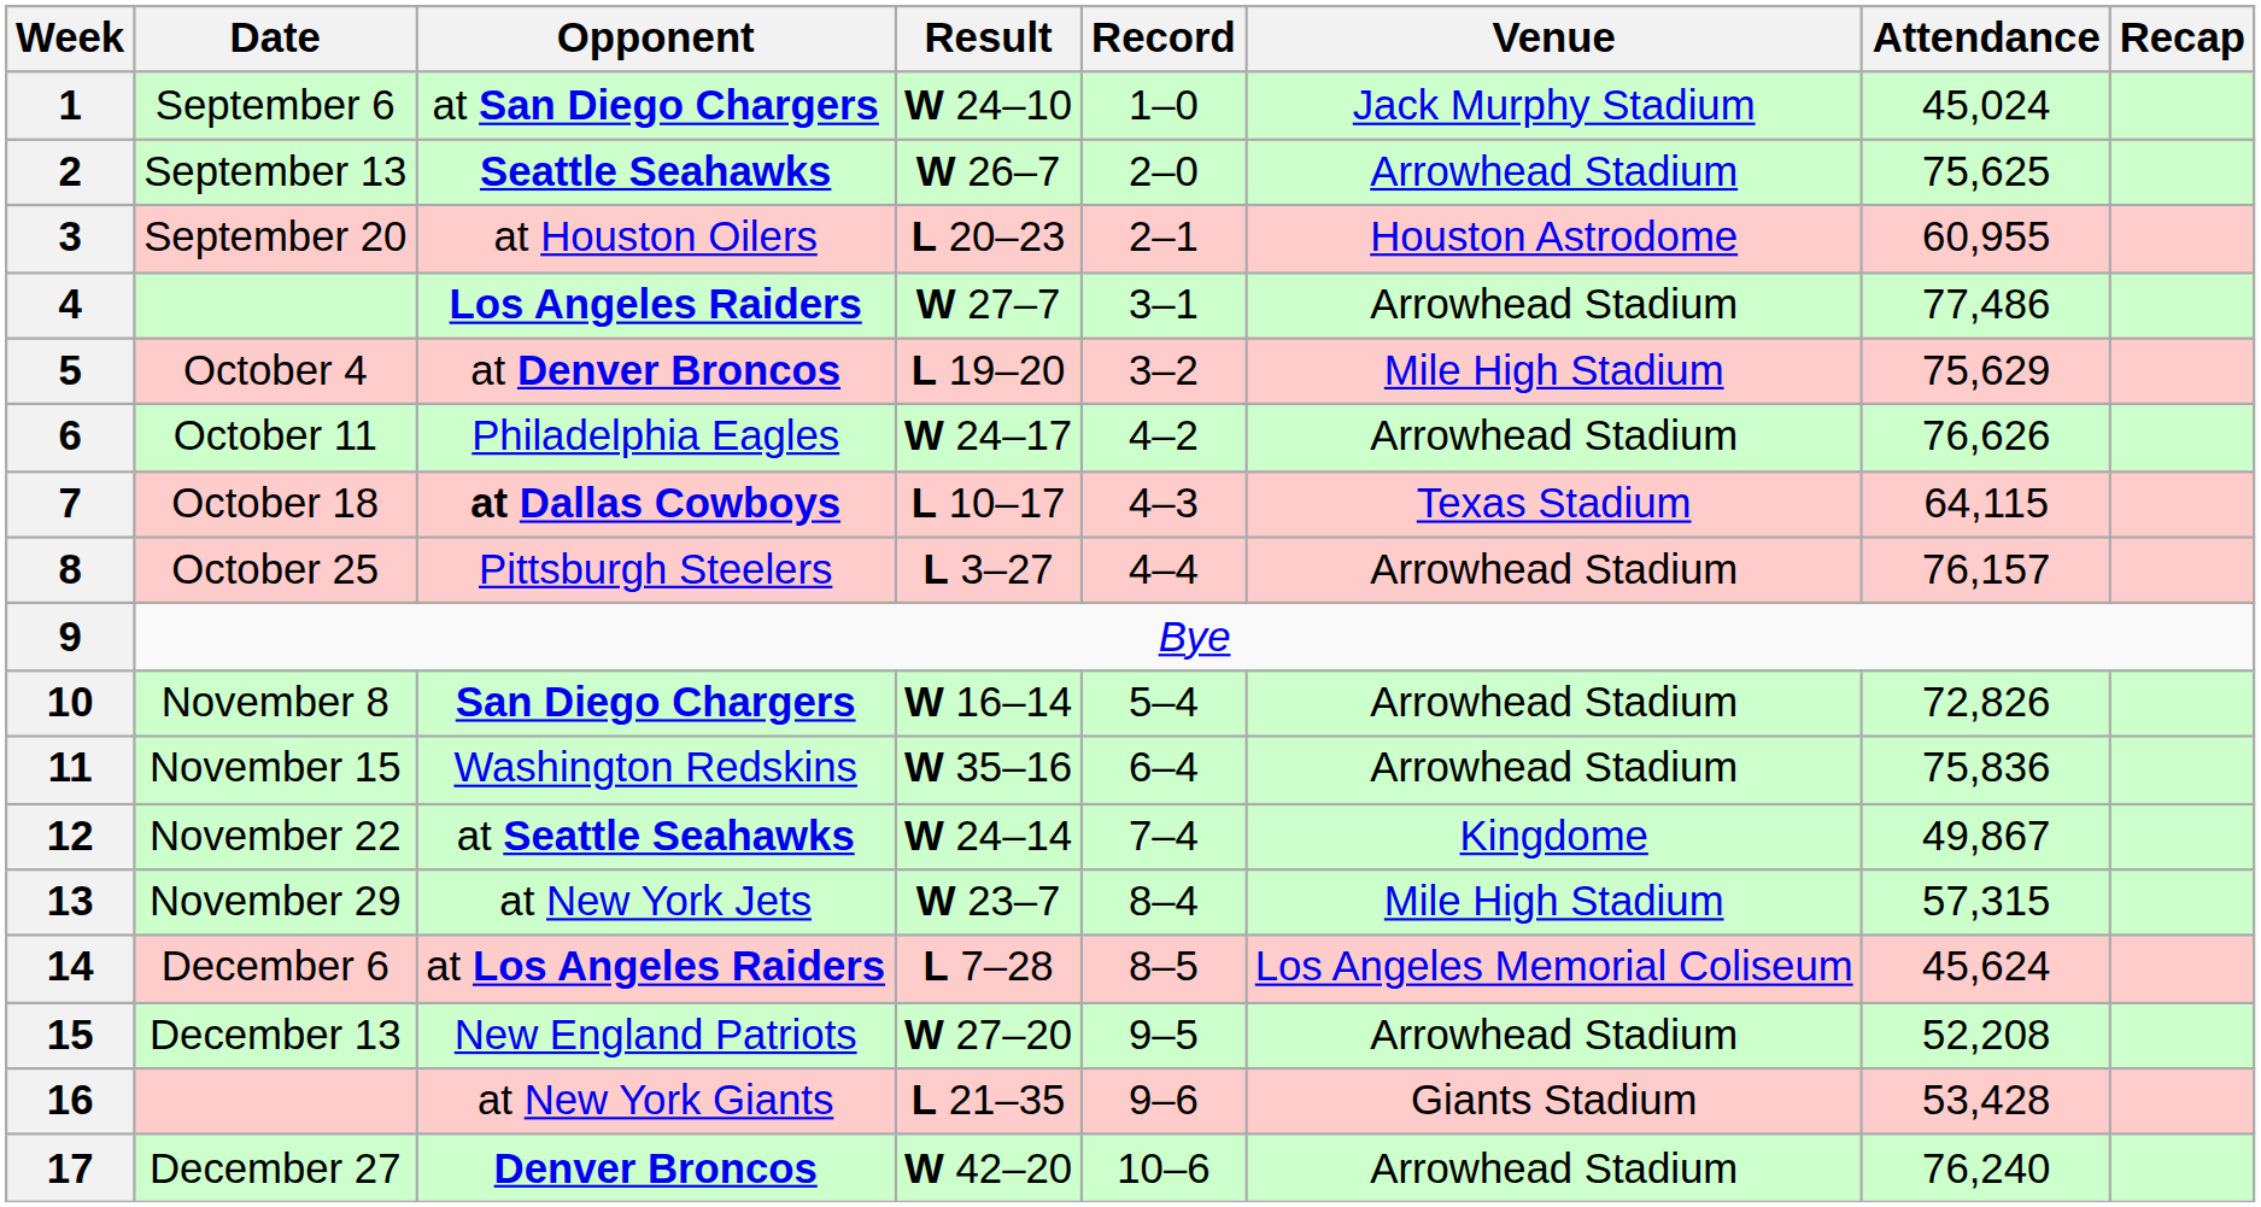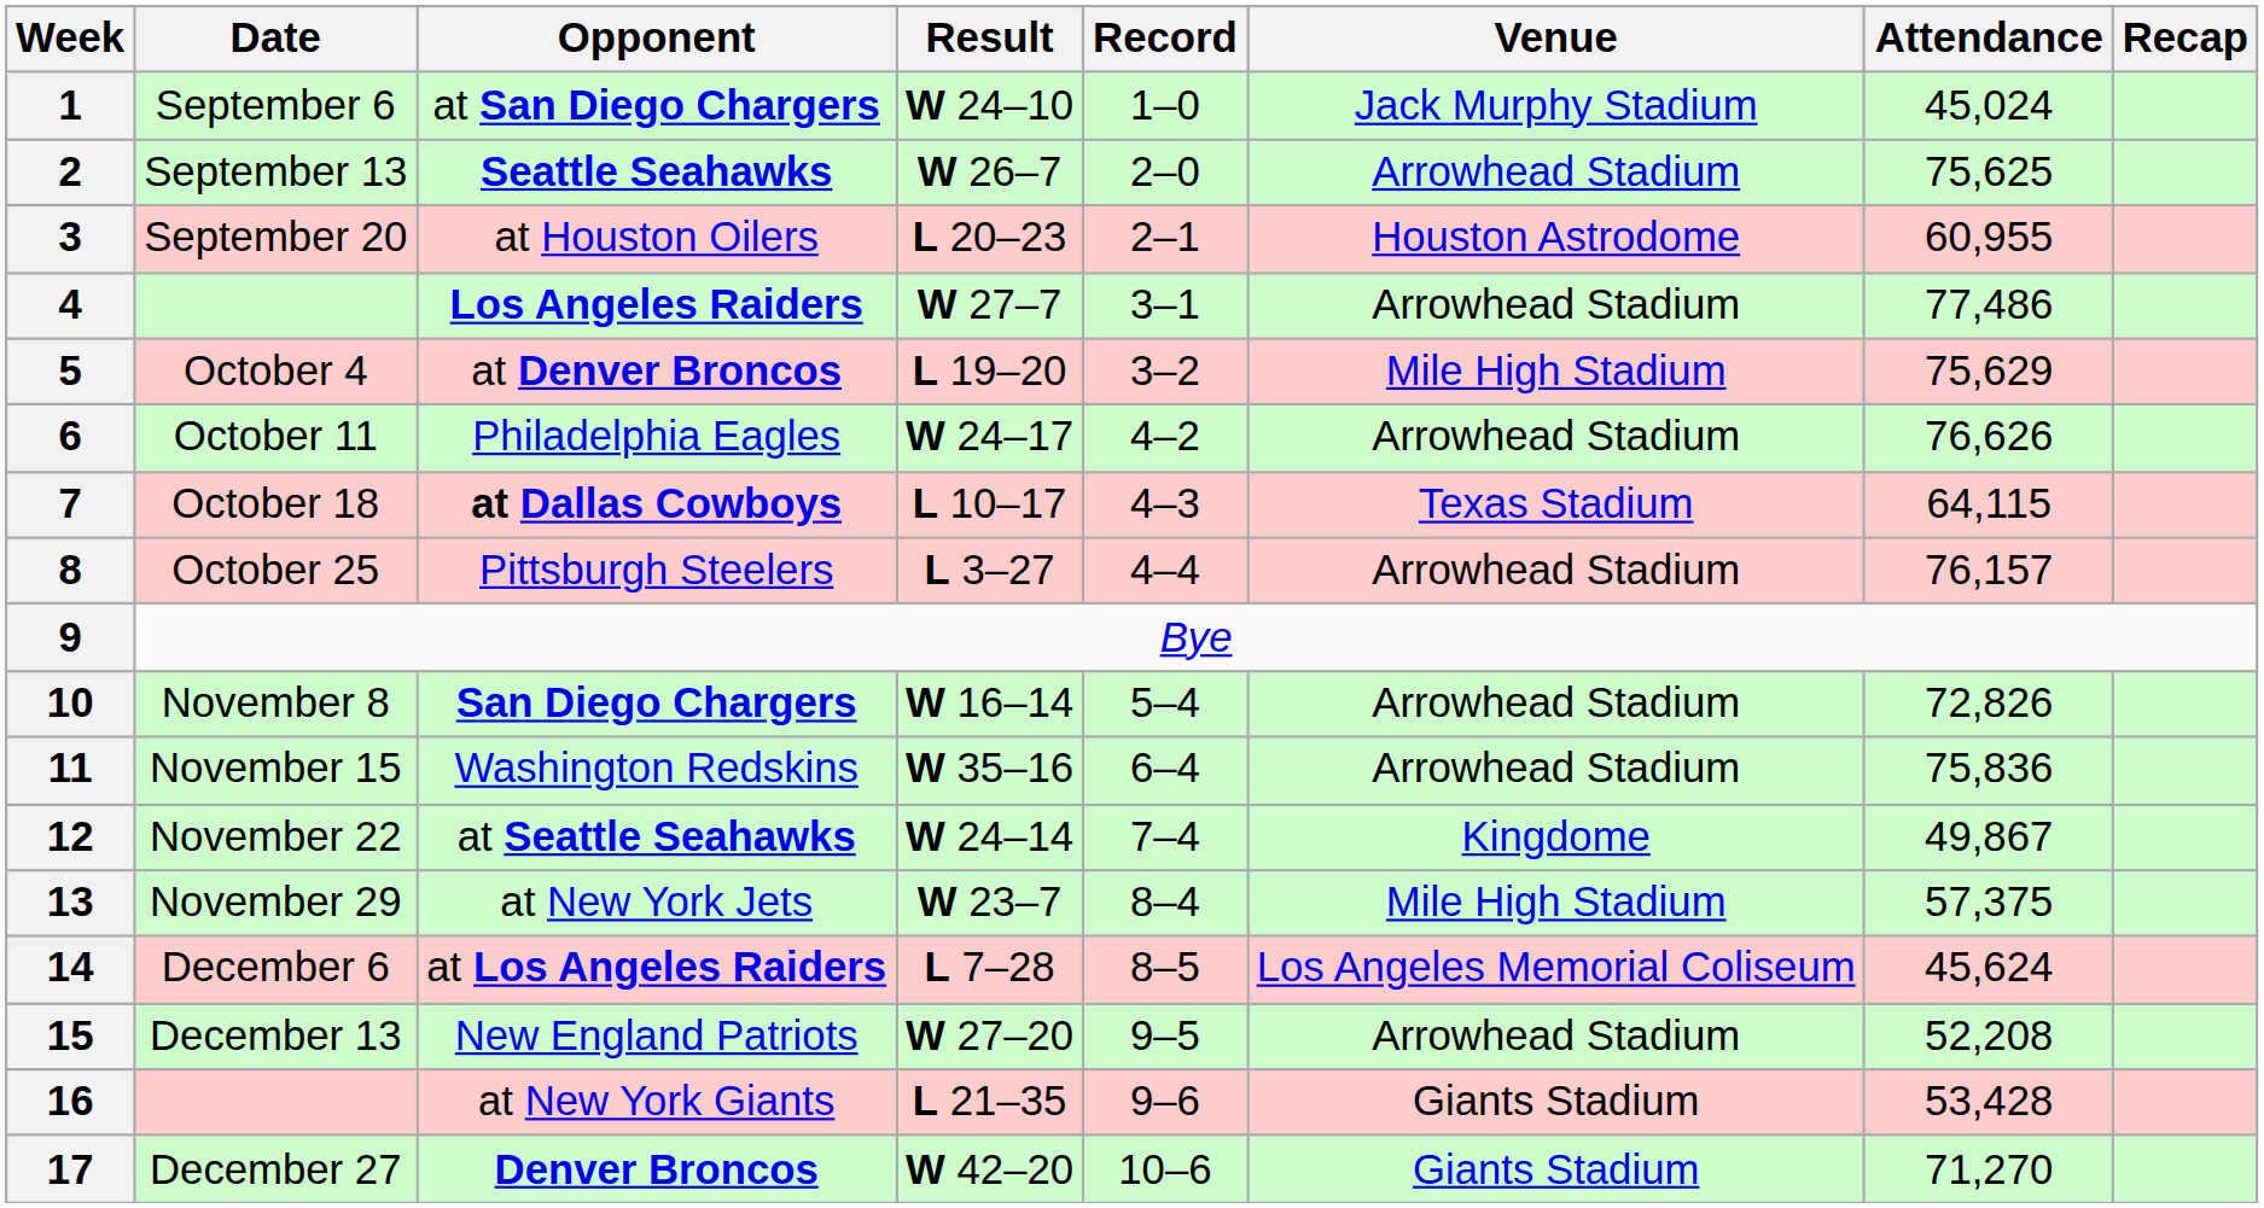 <table class="wikitable" style="text-align:center">
 <tr>
 <th>Week</th>
 <th>Date</th>
 <th>Opponent</th>
 <th>Result</th>
 <th>Record</th>
 <th>Venue</th>
 <th>Attendance</th>
 <th>Recap</th>
 </tr>
 <tr style="background:#cfc">
 <th>1</th>
 <td>September 6</td>
 <td>at <strong><a href='#'>San Diego Chargers</a></strong></td>
 <td><strong>W</strong> 24–10</td>
 <td>1–0</td>
 <td><a href='#'>Jack Murphy Stadium</a></td>
 <td>45,024</td>
 <td></td>
 </tr>
 <tr style="background:#cfc">
 <th>2</th>
 <td>September 13</td>
 <td><strong><a href='#'>Seattle Seahawks</a></strong></td>
 <td><strong>W</strong> 26–7</td>
 <td>2–0</td>
 <td><a href='#'>Arrowhead Stadium</a></td>
 <td>75,625</td>
 <td></td>
 </tr>
 <tr style="background:#fcc">
 <th>3</th>
 <td>September 20</td>
 <td>at <a href='#'>Houston Oilers</a></td>
 <td><strong>L</strong> 20–23 </td>
 <td>2–1</td>
 <td><a href='#'>Houston Astrodome</a></td>
 <td>60,955</td>
 <td></td>
 </tr>
 <tr style="background:#cfc">
 <th>4</th>
 <td></td>
 <td><strong><a href='#'>Los Angeles Raiders</a></strong></td>
 <td><strong>W</strong> 27–7</td>
 <td>3–1</td>
 <td>Arrowhead Stadium</td>
 <td>77,486</td>
 <td></td>
 </tr>
 <tr style="background:#fcc">
 <th>5</th>
 <td>October 4</td>
 <td>at <strong><a href='#'>Denver Broncos</a></strong></td>
 <td><strong>L</strong> 19–20</td>
 <td>3–2</td>
 <td><a href='#'>Mile High Stadium</a></td>
 <td>75,629</td>
 <td></td>
 </tr>
 <tr style="background:#cfc">
 <th>6</th>
 <td>October 11</td>
 <td><a href='#'>Philadelphia Eagles</a></td>
 <td><strong>W</strong> 24–17</td>
 <td>4–2</td>
 <td>Arrowhead Stadium</td>
 <td>76,626</td>
 <td></td>
 </tr>
 <tr style="background:#fcc">
 <th>7</th>
 <td>October 18</td>
 <td><strong>at <a href='#'>Dallas Cowboys</a></strong></td>
 <td><strong>L</strong> 10–17</td>
 <td>4–3</td>
 <td><a href='#'>Texas Stadium</a></td>
 <td>64,115</td>
 <td></td>
 </tr>
 <tr style="background:#fcc">
 <th>8</th>
 <td>October 25</td>
 <td><a href='#'>Pittsburgh Steelers</a></td>
 <td><strong>L</strong> 3–27</td>
 <td>4–4</td>
 <td>Arrowhead Stadium</td>
 <td>76,157</td>
 <td></td>
 </tr>
 <tr>
 <th>9</th>
 <td colspan="7"><em><a href='#'>Bye</a></em></td>
 </tr>
 <tr style="background:#cfc">
 <th>10</th>
 <td>November 8</td>
 <td><strong><a href='#'>San Diego Chargers</a></strong></td>
 <td><strong>W</strong> 16–14</td>
 <td>5–4</td>
 <td>Arrowhead Stadium</td>
 <td>72,826</td>
 <td></td>
 </tr>
 <tr style="background:#cfc">
 <th>11</th>
 <td>November 15</td>
 <td><a href='#'>Washington Redskins</a></td>
 <td><strong>W</strong> 35–16</td>
 <td>6–4</td>
 <td>Arrowhead Stadium</td>
 <td>75,836</td>
 <td></td>
 </tr>
 <tr style="background:#cfc">
 <th>12</th>
 <td>November 22</td>
 <td>at <strong><a href='#'>Seattle Seahawks</a></strong></td>
 <td><strong>W</strong> 24–14</td>
 <td>7–4</td>
 <td><a href='#'>Kingdome</a></td>
 <td>49,867</td>
 <td></td>
 </tr>
 <tr style="background:#cfc">
 <th>13</th>
 <td>November 29</td>
 <td>at <a href='#'>New York Jets</a></td>
 <td><strong>W</strong> 23–7</td>
 <td>8–4</td>
 <td><a href='#'>Mile High Stadium</a></td>
-<td>57,315</td>
+<td>57,375</td>
 <td></td>
 </tr>
 <tr style="background:#fcc">
 <th>14</th>
 <td>December 6</td>
 <td>at <strong><a href='#'>Los Angeles Raiders</a></strong></td>
 <td><strong>L</strong> 7–28</td>
 <td>8–5</td>
 <td><a href='#'>Los Angeles Memorial Coliseum</a></td>
 <td>45,624</td>
 <td></td>
 </tr>
 <tr style="background:#cfc">
 <th>15</th>
 <td>December 13</td>
 <td><a href='#'>New England Patriots</a></td>
 <td><strong>W</strong> 27–20</td>
 <td>9–5</td>
 <td>Arrowhead Stadium</td>
 <td>52,208</td>
 <td></td>
 </tr>
 <tr style="background:#fcc">
 <th>16</th>
 <td></td>
 <td>at <a href='#'>New York Giants</a></td>
 <td><strong>L</strong> 21–35</td>
 <td>9–6</td>
 <td>Giants Stadium</td>
 <td>53,428</td>
 <td></td>
 </tr>
 <tr style="background:#cfc">
 <th>17</th>
 <td>December 27</td>
 <td><strong><a href='#'>Denver Broncos</a></strong></td>
 <td><strong>W</strong> 42–20</td>
 <td>10–6</td>
-<td>Arrowhead Stadium</td>
-<td>76,240</td>
+<td><a href='#'>Giants Stadium</a></td>
+<td>71,270</td>
 <td></td>
 </tr>
 </table>
